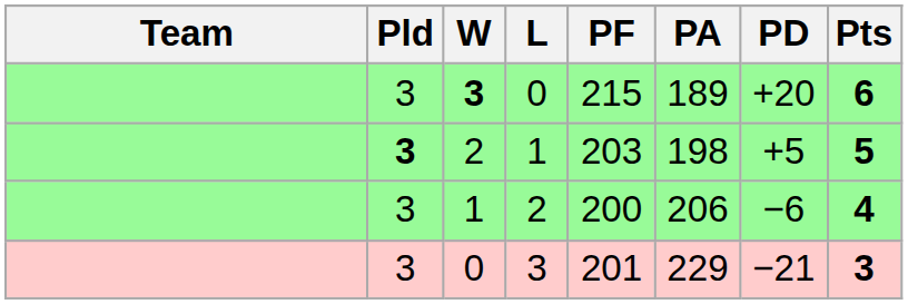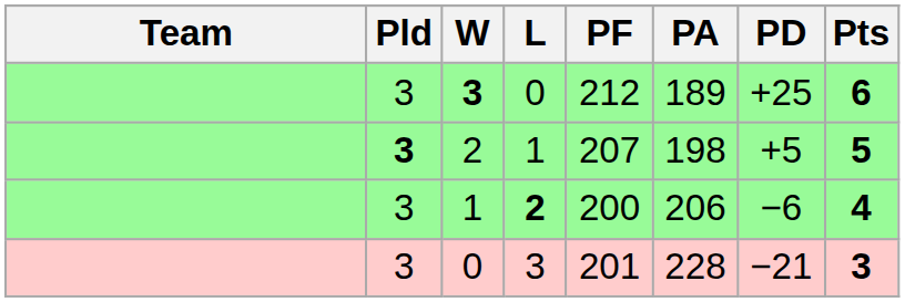 <table class=wikitable>
 <tr align=center>
 </tr>
 <tr>
 <th width=150>Team</th>
 <th width=20>Pld</th>
 <th width=20>W</th>
 <th width=20>L</th>
 <th width=30>PF</th>
 <th width=30>PA</th>
 <th width=30>PD</th>
 <th width=20>Pts</th>
 </tr>
 <tr align=center bgcolor="#98fb98">
 <td align=left></td>
 <td>3</td>
 <td><strong>3</strong></td>
 <td>0</td>
-<td>215</td>
+<td>212</td>
 <td>189</td>
-<td>+20</td>
+<td>+25</td>
 <td><strong>6</strong></td>
 </tr>
 <tr align=center bgcolor="#98fb98">
 <td align=left></td>
 <td><strong>3</strong></td>
 <td>2</td>
 <td>1</td>
-<td>203</td>
+<td>207</td>
 <td>198</td>
 <td>+5</td>
 <td><strong>5</strong></td>
 </tr>
 <tr align=center bgcolor="#98fb98">
 <td align=left></td>
 <td>3</td>
 <td>1</td>
-<td>2</td>
+<td><strong>2</strong></td>
 <td>200</td>
 <td>206</td>
 <td>−6</td>
 <td><strong>4</strong></td>
 </tr>
 <tr align=center bgcolor=ffcccc>
 <td align=left></td>
 <td>3</td>
 <td>0</td>
 <td>3</td>
 <td>201</td>
-<td>229</td>
+<td>228</td>
 <td>−21</td>
 <td><strong>3</strong></td>
 </tr>
 </table>
